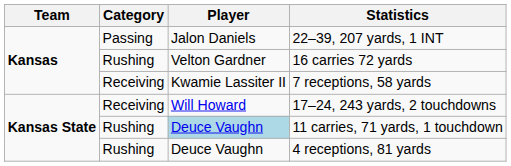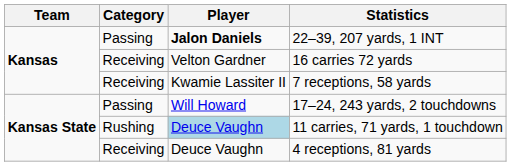 <table class="wikitable" style="float: left;">
 <tr>
 <th>Team</th>
 <th>Category</th>
 <th>Player</th>
 <th>Statistics</th>
 </tr>
 <tr>
 <td rowspan=3><strong>Kansas</strong></td>
 <td>Passing</td>
-<td>Jalon Daniels</td>
+<td><strong>Jalon Daniels</strong></td>
 <td>22–39, 207 yards, 1 INT</td>
 </tr>
 <tr>
-<td>Rushing</td>
+<td>Receiving</td>
 <td>Velton Gardner</td>
 <td>16 carries 72 yards</td>
 </tr>
 <tr>
 <td>Receiving</td>
 <td>Kwamie Lassiter II</td>
 <td>7 receptions, 58 yards</td>
 </tr>
 <tr>
 <td rowspan=3><strong>Kansas State</strong></td>
-<td>Receiving</td>
+<td>Passing</td>
 <td><a href='#'>Will Howard</a></td>
 <td>17–24, 243 yards, 2 touchdowns</td>
 </tr>
 <tr>
 <td>Rushing</td>
 <td style="background: lightblue;"><a href='#'>Deuce Vaughn</a></td>
 <td>11 carries, 71 yards, 1 touchdown</td>
 </tr>
 <tr>
-<td>Rushing</td>
+<td>Receiving</td>
 <td>Deuce Vaughn</td>
 <td>4 receptions, 81 yards</td>
 </tr>
 </table>
